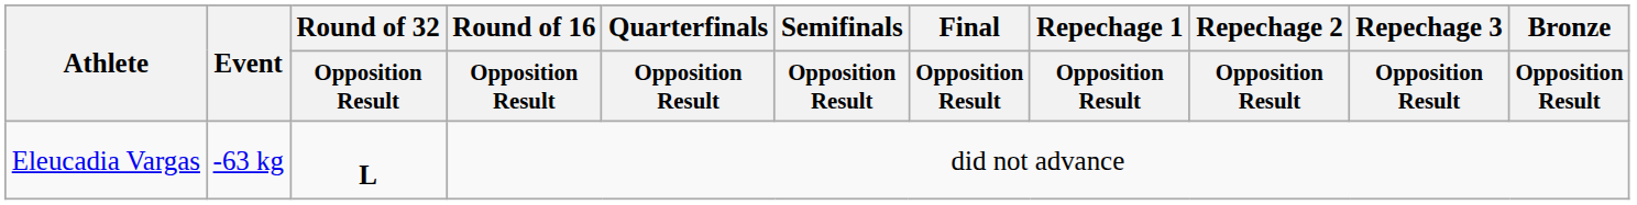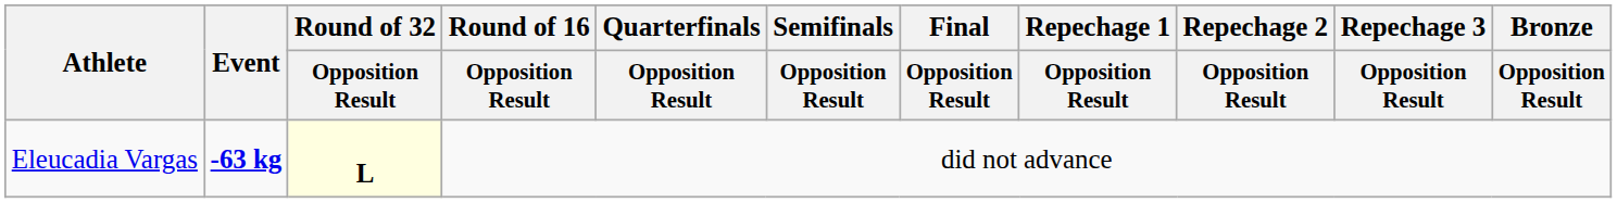 <table class="wikitable" style="font-size:90%">
 <tr>
 <th rowspan="2">Athlete</th>
 <th rowspan="2">Event</th>
 <th>Round of 32</th>
 <th>Round of 16</th>
 <th>Quarterfinals</th>
 <th>Semifinals</th>
 <th>Final</th>
 <th>Repechage 1</th>
 <th>Repechage 2</th>
 <th>Repechage 3</th>
 <th>Bronze</th>
 </tr>
 <tr>
 <th style="line-height:1em"><small>Opposition<br>Result</small></th>
 <th style="line-height:1em"><small>Opposition<br>Result</small></th>
 <th style="line-height:1em"><small>Opposition<br>Result</small></th>
 <th style="line-height:1em"><small>Opposition<br>Result</small></th>
 <th style="line-height:1em"><small>Opposition<br>Result</small></th>
 <th style="line-height:1em"><small>Opposition<br>Result</small></th>
 <th style="line-height:1em"><small>Opposition<br>Result</small></th>
 <th style="line-height:1em"><small>Opposition<br>Result</small></th>
 <th style="line-height:1em"><small>Opposition<br>Result</small></th>
 </tr>
 <tr>
 <td><a href='#'>Eleucadia Vargas</a></td>
-<td><a href='#'>-63 kg</a></td>
-<td align="center"><br><strong>L</strong></td>
+<td><strong><a href='#'>-63 kg</a></strong></td>
+<td align="center" style="background: lightyellow;"><br><strong>L</strong></td>
 <td align="center" colspan=8>did not advance</td>
 </tr>
 </table>
